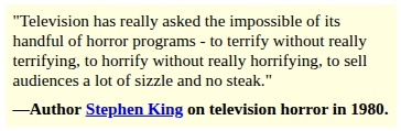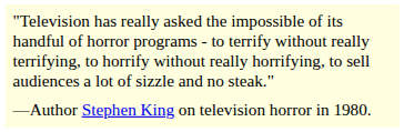 <table class="toccolours" style="float: right; margin-left: 1em; margin-right: 2em; font-size: 85%; background:#FFFFE0; color:black; width:30em; max-width: 20%;" cellspacing="5">
 <tr>
 <td style="text-align: left;">"Television has really asked the impossible of its handful of horror programs - to terrify without really terrifying, to horrify without really horrifying, to sell audiences a lot of sizzle and no steak."</td>
 </tr>
 <tr>
-<td style="text-align: left;"><strong>—Author <a href='#'>Stephen King</a> on television horror in 1980.</strong></td>
+<td style="text-align: left;">—Author <a href='#'>Stephen King</a> on television horror in 1980.</td>
 </tr>
 </table>
